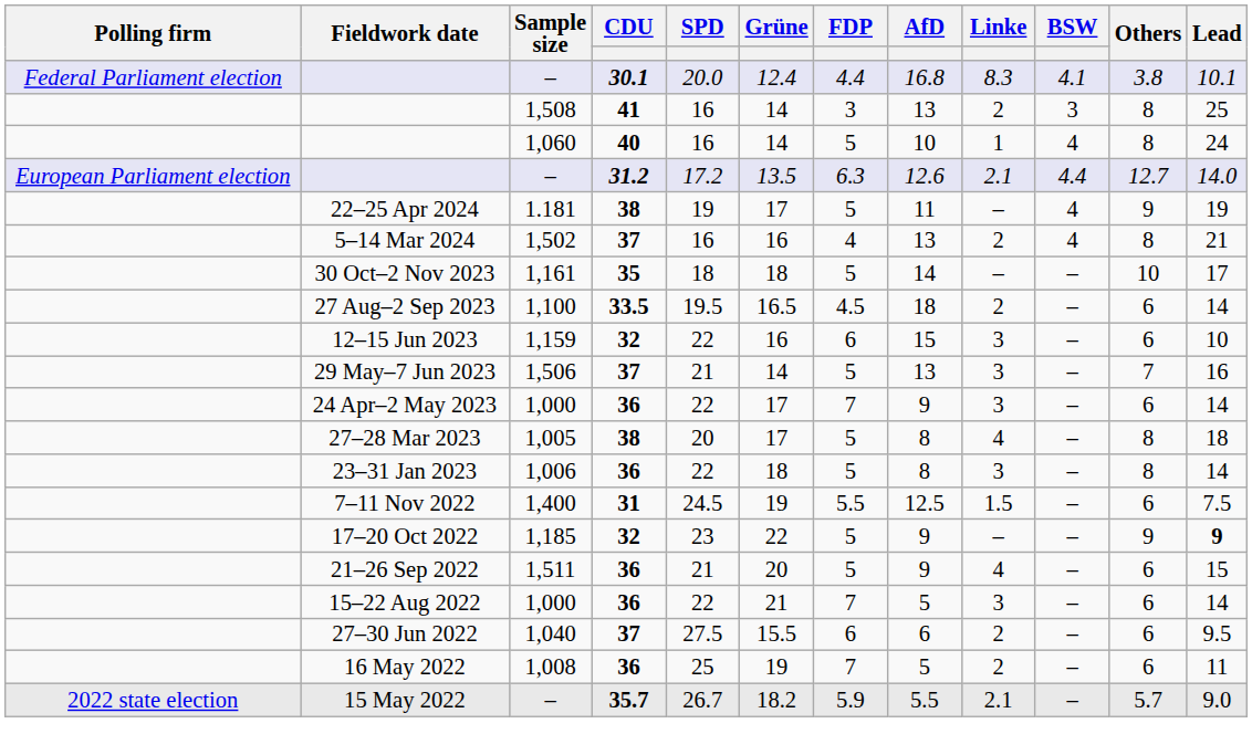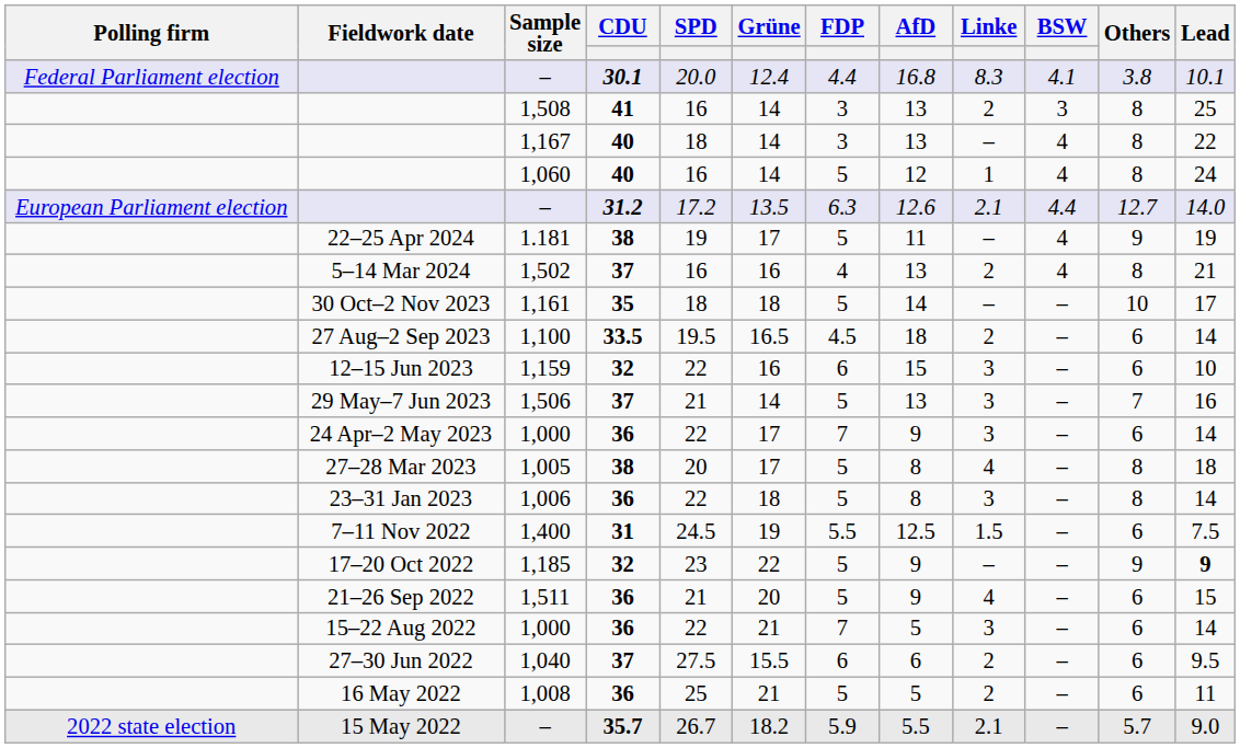 <table class="wikitable sortable" style="text-align:center;font-size:90%;line-height:14px;">
 <tr>
 <th rowspan="2" style="width:180px;">Polling firm</th>
 <th rowspan="2" style="width:125px;">Fieldwork date</th>
 <th rowspan="2" style="width:35px;">Sample<br>size</th>
 <th class="unsortable" style="width:40px;"><a href='#'>CDU</a></th>
 <th class="unsortable" style="width:40px;"><a href='#'>SPD</a></th>
 <th class="unsortable" style="width:40px;"><a href='#'>Grüne</a></th>
 <th class="unsortable" style="width:40px;"><a href='#'>FDP</a></th>
 <th class="unsortable" style="width:40px;"><a href='#'>AfD</a></th>
 <th class="unsortable" style="width:40px;"><a href='#'>Linke</a></th>
 <th class="unsortable" style="width:40px;"><a href='#'>BSW</a></th>
 <th rowspan="2" class="unsortable" style="width:40px;">Others</th>
 <th rowspan="2" style="width:30px;">Lead</th>
 </tr>
 <tr>
 <th style="background:"></th>
 <th style="background:"></th>
 <th style="background:"></th>
 <th style="background:"></th>
 <th style="background:"></th>
 <th style="background:"></th>
 <th style="background:"></th>
 </tr>
 <tr style="background:#E5E5F5;font-style:italic;">
 <td><a href='#'>Federal Parliament election</a></td>
 <td></td>
 <td>–</td>
 <td><strong>30.1</strong></td>
 <td>20.0</td>
 <td>12.4</td>
 <td>4.4</td>
 <td>16.8</td>
 <td>8.3</td>
 <td>4.1</td>
 <td>3.8</td>
 <td style="background:">10.1</td>
 </tr>
 <tr>
 <td></td>
 <td></td>
 <td>1,508</td>
 <td><strong>41</strong></td>
 <td>16</td>
 <td>14</td>
 <td>3</td>
 <td>13</td>
 <td>2</td>
 <td>3</td>
 <td>8</td>
 <td style="background:">25</td>
 </tr>
 <tr>
 <td></td>
 <td></td>
+<td>1,167</td>
+<td><strong>40</strong></td>
+<td>18</td>
+<td>14</td>
+<td>3</td>
+<td>13</td>
+<td>–</td>
+<td>4</td>
+<td>8</td>
+<td style="background:">22</td>
+</tr>
+<tr>
+<td></td>
+<td></td>
 <td>1,060</td>
 <td><strong>40</strong></td>
 <td>16</td>
 <td>14</td>
 <td>5</td>
-<td>10</td>
+<td>12</td>
 <td>1</td>
 <td>4</td>
 <td>8</td>
 <td style="background:">24</td>
 </tr>
 <tr style="background:#E5E5F5;font-style:italic;">
 <td><a href='#'>European Parliament election</a></td>
 <td></td>
 <td>–</td>
 <td><strong>31.2</strong></td>
 <td>17.2</td>
 <td>13.5</td>
 <td>6.3</td>
 <td>12.6</td>
 <td>2.1</td>
 <td>4.4</td>
 <td>12.7</td>
 <td style="background:">14.0</td>
 </tr>
 <tr>
 <td></td>
 <td>22–25 Apr 2024</td>
 <td>1.181</td>
 <td><strong>38</strong></td>
 <td>19</td>
 <td>17</td>
 <td>5</td>
 <td>11</td>
 <td>–</td>
 <td>4</td>
 <td>9</td>
 <td style="background:">19</td>
 </tr>
 <tr>
 <td></td>
 <td>5–14 Mar 2024</td>
 <td>1,502</td>
 <td><strong>37</strong></td>
 <td>16</td>
 <td>16</td>
 <td>4</td>
 <td>13</td>
 <td>2</td>
 <td>4</td>
 <td>8</td>
 <td style="background:">21</td>
 </tr>
 <tr>
 <td></td>
 <td>30 Oct–2 Nov 2023</td>
 <td>1,161</td>
 <td><strong>35</strong></td>
 <td>18</td>
 <td>18</td>
 <td>5</td>
 <td>14</td>
 <td>–</td>
 <td>–</td>
 <td>10</td>
 <td style="background:">17</td>
 </tr>
 <tr>
 <td></td>
 <td data-sort-value="2023-09-02">27 Aug–2 Sep 2023</td>
 <td>1,100</td>
 <td><strong>33.5</strong></td>
 <td>19.5</td>
 <td>16.5</td>
 <td>4.5</td>
 <td>18</td>
 <td>2</td>
 <td>–</td>
 <td>6</td>
 <td style="background:">14</td>
 </tr>
 <tr>
 <td></td>
 <td data-sort-value="2023-06-15">12–15 Jun 2023</td>
 <td>1,159</td>
 <td><strong>32</strong></td>
 <td>22</td>
 <td>16</td>
 <td>6</td>
 <td>15</td>
 <td>3</td>
 <td>–</td>
 <td>6</td>
 <td style="background:">10</td>
 </tr>
 <tr>
 <td></td>
 <td data-sort-value="2023-06-07">29 May–7 Jun 2023</td>
 <td>1,506</td>
 <td><strong>37</strong></td>
 <td>21</td>
 <td>14</td>
 <td>5</td>
 <td>13</td>
 <td>3</td>
 <td>–</td>
 <td>7</td>
 <td style="background:">16</td>
 </tr>
 <tr>
 <td></td>
 <td data-sort-value="2022-08-22">24 Apr–2 May 2023</td>
 <td>1,000</td>
 <td><strong>36</strong></td>
 <td>22</td>
 <td>17</td>
 <td>7</td>
 <td>9</td>
 <td>3</td>
 <td>–</td>
 <td>6</td>
 <td style="background:">14</td>
 </tr>
 <tr>
 <td></td>
 <td data-sort-value="2023-03-28">27–28 Mar 2023</td>
 <td>1,005</td>
 <td><strong>38</strong></td>
 <td>20</td>
 <td>17</td>
 <td>5</td>
 <td>8</td>
 <td>4</td>
 <td>–</td>
 <td>8</td>
 <td style="background:">18</td>
 </tr>
 <tr>
 <td></td>
 <td data-sort-value="2023-01-31">23–31 Jan 2023</td>
 <td>1,006</td>
 <td><strong>36</strong></td>
 <td>22</td>
 <td>18</td>
 <td>5</td>
 <td>8</td>
 <td>3</td>
 <td>–</td>
 <td>8</td>
 <td style="background:">14</td>
 </tr>
 <tr>
 <td></td>
 <td data-sort-value="2022-11-11">7–11 Nov 2022</td>
 <td>1,400</td>
 <td><strong>31</strong></td>
 <td>24.5</td>
 <td>19</td>
 <td>5.5</td>
 <td>12.5</td>
 <td>1.5</td>
 <td>–</td>
 <td>6</td>
 <td style="background:">7.5</td>
 </tr>
 <tr>
 <td></td>
 <td data-sort-value="2022-10-20">17–20 Oct 2022</td>
 <td>1,185</td>
 <td><strong>32</strong></td>
 <td>23</td>
 <td>22</td>
 <td>5</td>
 <td>9</td>
 <td>–</td>
 <td>–</td>
 <td>9</td>
 <td style="background:"><strong>9</strong></td>
 </tr>
 <tr>
 <td></td>
 <td data-sort-value="2022-09-26">21–26 Sep 2022</td>
 <td>1,511</td>
 <td><strong>36</strong></td>
 <td>21</td>
 <td>20</td>
 <td>5</td>
 <td>9</td>
 <td>4</td>
 <td>–</td>
 <td>6</td>
 <td style="background:">15</td>
 </tr>
 <tr>
 <td></td>
 <td data-sort-value="2022-08-22">15–22 Aug 2022</td>
 <td>1,000</td>
 <td><strong>36</strong></td>
 <td>22</td>
 <td>21</td>
 <td>7</td>
 <td>5</td>
 <td>3</td>
 <td>–</td>
 <td>6</td>
 <td style="background:">14</td>
 </tr>
 <tr>
 <td></td>
 <td data-sort-value="2022-06-30">27–30 Jun 2022</td>
 <td>1,040</td>
 <td><strong>37</strong></td>
 <td>27.5</td>
 <td>15.5</td>
 <td>6</td>
 <td>6</td>
 <td>2</td>
 <td>–</td>
 <td>6</td>
 <td style="background:">9.5</td>
 </tr>
 <tr>
 <td></td>
 <td data-sort-value="2022-05-16">16 May 2022</td>
 <td>1,008</td>
 <td><strong>36</strong></td>
 <td>25</td>
-<td>19</td>
-<td>7</td>
+<td>21</td>
+<td>5</td>
 <td>5</td>
 <td>2</td>
 <td>–</td>
 <td>6</td>
 <td style="background:">11</td>
 </tr>
 <tr style="background:#E9E9E9;">
 <td><a href='#'>2022 state election</a></td>
 <td data-sort-value="2021-03-14">15 May 2022</td>
 <td>–</td>
 <td><strong>35.7</strong></td>
 <td>26.7</td>
 <td>18.2</td>
 <td>5.9</td>
 <td>5.5</td>
 <td>2.1</td>
 <td>–</td>
 <td>5.7</td>
 <td style="background:">9.0</td>
 </tr>
 </table>
